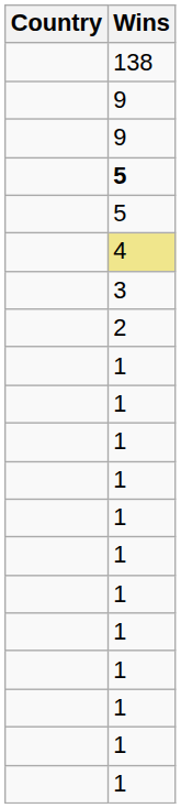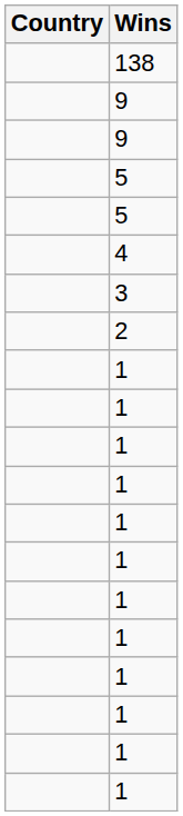 <table class="wikitable sortable" style="border-collapse:collapse">
 <tr>
 <th>Country</th>
 <th data-sort-type=number>Wins</th>
 </tr>
 <tr>
 <td></td>
 <td>138</td>
 </tr>
 <tr>
 <td></td>
 <td>9</td>
 </tr>
 <tr>
 <td></td>
 <td>9</td>
 </tr>
 <tr>
 <td></td>
-<td><strong>5</strong></td>
+<td>5</td>
 </tr>
 <tr>
 <td></td>
 <td>5</td>
 </tr>
 <tr>
 <td></td>
-<td style="background: khaki;">4</td>
+<td>4</td>
 </tr>
 <tr>
 <td></td>
 <td>3</td>
 </tr>
 <tr>
 <td></td>
 <td>2</td>
 </tr>
 <tr>
 <td></td>
 <td>1</td>
 </tr>
 <tr>
 <td></td>
 <td>1</td>
 </tr>
 <tr>
 <td></td>
 <td>1</td>
 </tr>
 <tr>
 <td></td>
 <td>1</td>
 </tr>
 <tr>
 <td></td>
 <td>1</td>
 </tr>
 <tr>
 <td></td>
 <td>1</td>
 </tr>
 <tr>
 <td></td>
 <td>1</td>
 </tr>
 <tr>
 <td></td>
 <td>1</td>
 </tr>
 <tr>
 <td></td>
 <td>1</td>
 </tr>
 <tr>
 <td></td>
 <td>1</td>
 </tr>
 <tr>
 <td></td>
 <td>1</td>
 </tr>
 <tr>
 <td></td>
 <td>1</td>
 </tr>
 </table>
